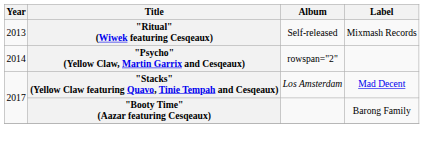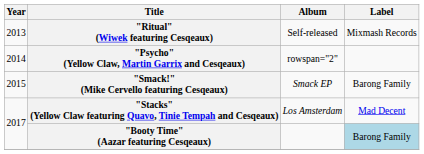 <table class="wikitable plainrowheaders" style="text-align:center;">
 <tr>
 <th>Year</th>
 <th>Title</th>
 <th>Album</th>
 <th>Label</th>
 </tr>
 <tr>
 <td>2013</td>
 <th scope="row">"Ritual"<br><span>(<a href='#'>Wiwek</a> featuring Cesqeaux)</span></th>
 <td>Self-released</td>
 <td>Mixmash Records</td>
 </tr>
 <tr>
 <td>2014</td>
 <th scope="row">"Psycho"<br><span>(Yellow Claw, <a href='#'>Martin Garrix</a> and Cesqeaux)</span></th>
 <td>rowspan="2" </td>
 </tr>
 <tr>
+<td>2015</td>
+<th scope="row">"Smack!"<br><span>(Mike Cervello featuring Cesqeaux)</span></th>
+<td><em>Smack EP</em></td>
+<td>Barong Family</td>
+</tr>
+<tr>
 <td rowspan=2>2017</td>
 <th scope="row">"Stacks"<br><span>(Yellow Claw featuring <a href='#'>Quavo</a>, <a href='#'>Tinie Tempah</a> and Cesqeaux)</span></th>
 <td><em>Los Amsterdam</em></td>
 <td><a href='#'>Mad Decent</a></td>
 </tr>
 <tr>
 <th scope="row">"Booty Time" <br><span>(Aazar featuring Cesqeaux)</span></th>
 <td></td>
-<td>Barong Family</td>
+<td style="background: lightblue;">Barong Family</td>
 </tr>
 <tr>
 </tr>
 </table>
